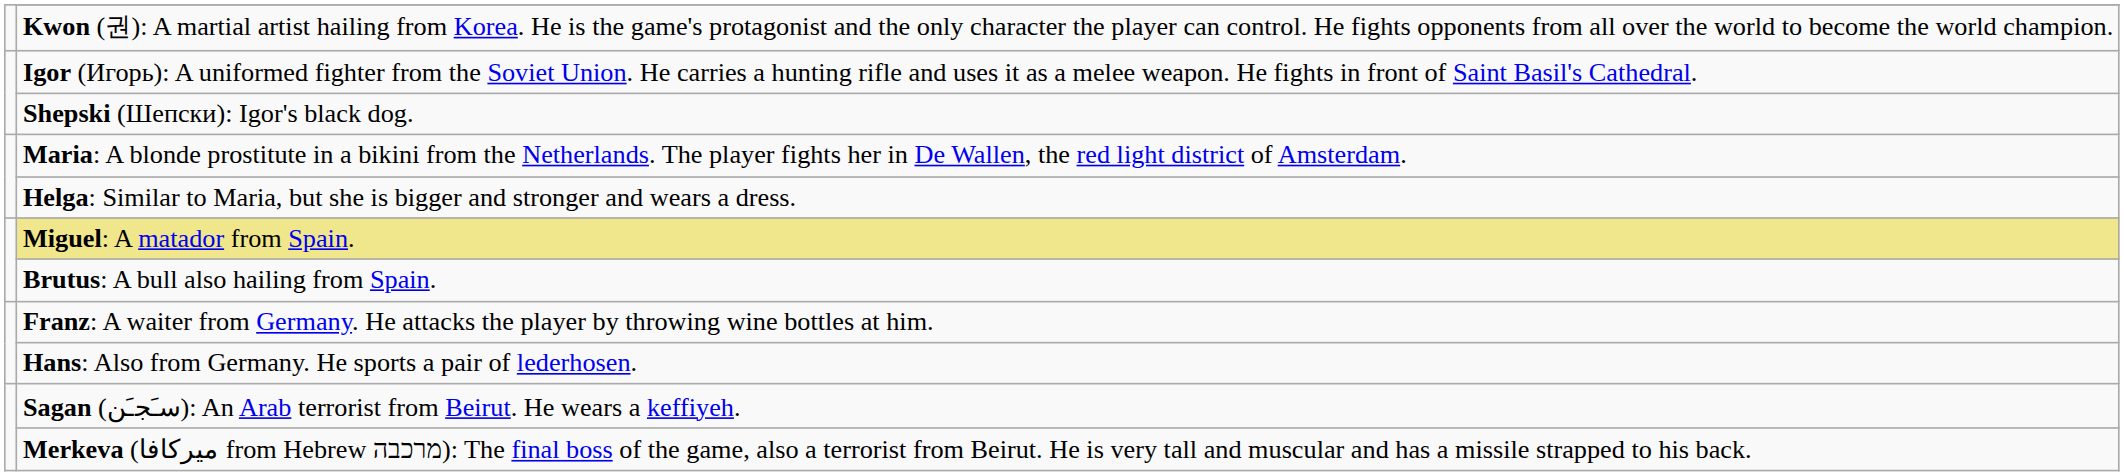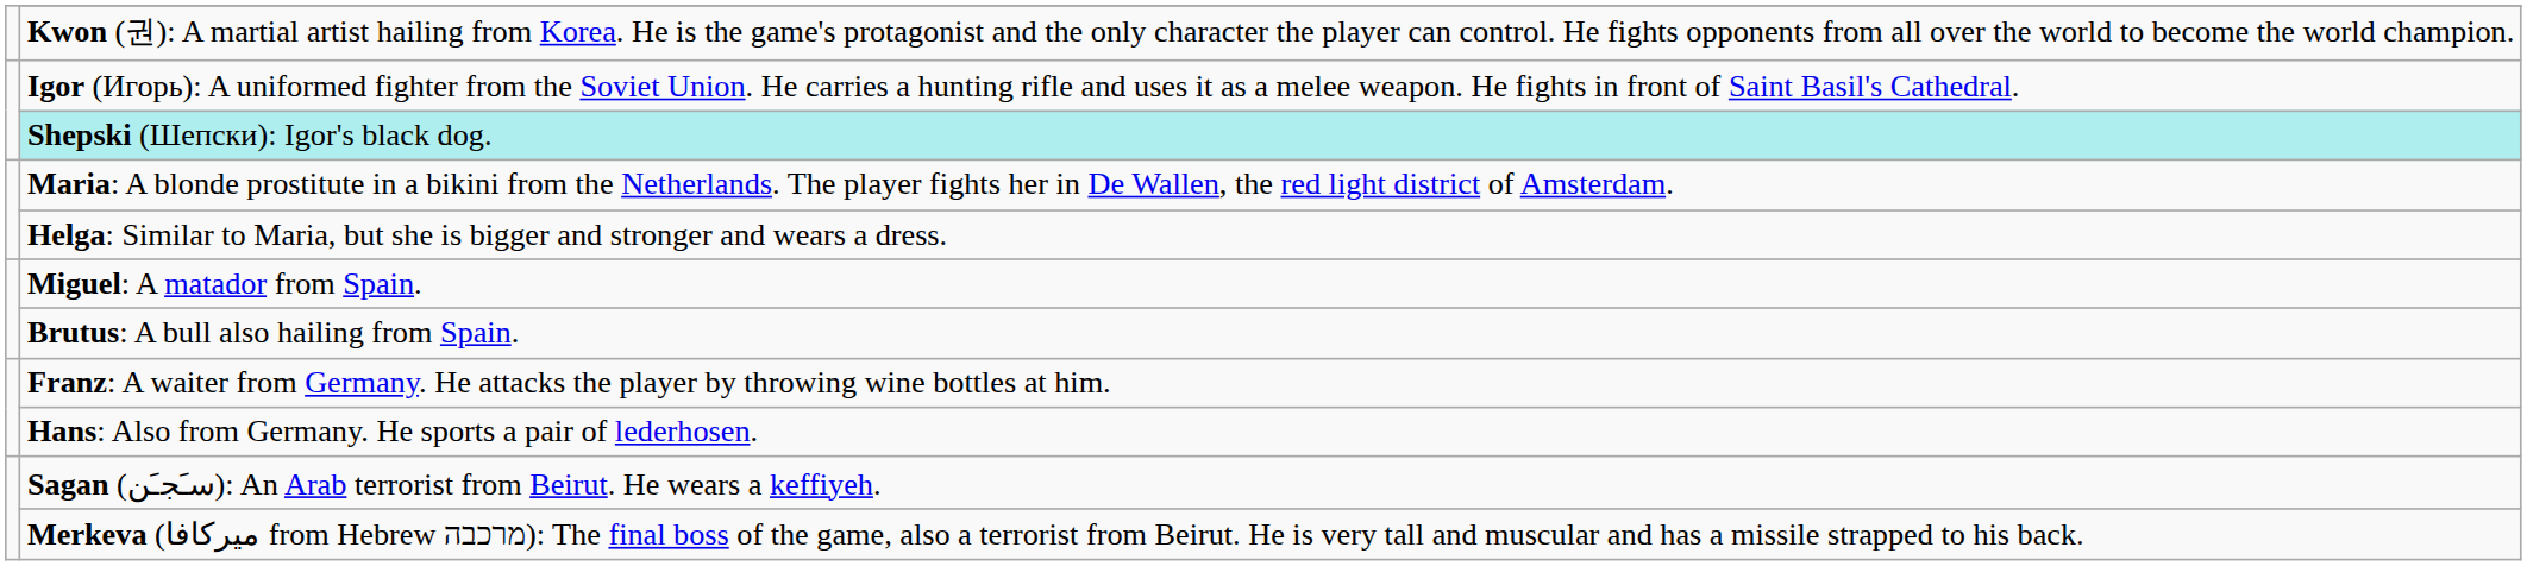 <table class="wikitable">
 <tr>
 <td rowspan=2></td>
 </tr>
 <tr>
 <td><strong>Kwon</strong> (권): A martial artist hailing from <a href='#'>Korea</a>. He is the game's protagonist and the only character the player can control. He fights opponents from all over the world to become the world champion.</td>
 </tr>
 <tr>
 <td rowspan=2></td>
 <td><strong>Igor</strong> (Игорь): A uniformed fighter from the <a href='#'>Soviet Union</a>. He carries a hunting rifle and uses it as a melee weapon. He fights in front of <a href='#'>Saint Basil's Cathedral</a>.</td>
 </tr>
 <tr>
-<td><strong>Shepski</strong> (Шепски): Igor's black dog.</td>
+<td style="background: paleturquoise;"><strong>Shepski</strong> (Шепски): Igor's black dog.</td>
 </tr>
 <tr>
 <td rowspan=2></td>
 <td><strong>Maria</strong>: A blonde prostitute in a bikini from the <a href='#'>Netherlands</a>. The player fights her in <a href='#'>De Wallen</a>, the <a href='#'>red light district</a> of <a href='#'>Amsterdam</a>.</td>
 </tr>
 <tr>
 <td><strong>Helga</strong>: Similar to Maria, but she is bigger and stronger and wears a dress.</td>
 </tr>
 <tr>
 <td rowspan=2></td>
-<td style="background: khaki;"><strong>Miguel</strong>: A <a href='#'>matador</a> from <a href='#'>Spain</a>.</td>
+<td><strong>Miguel</strong>: A <a href='#'>matador</a> from <a href='#'>Spain</a>.</td>
 </tr>
 <tr>
 <td><strong>Brutus</strong>: A bull also hailing from <a href='#'>Spain</a>.</td>
 </tr>
 <tr>
 <td rowspan=2></td>
 <td><strong>Franz</strong>: A waiter from <a href='#'>Germany</a>. He attacks the player by throwing wine bottles at him.</td>
 </tr>
 <tr>
 <td><strong>Hans</strong>: Also from Germany. He sports a pair of <a href='#'>lederhosen</a>.</td>
 </tr>
 <tr>
 <td rowspan=2></td>
 <td><strong>Sagan</strong> (سـَجـَن): An <a href='#'>Arab</a> terrorist from <a href='#'>Beirut</a>. He wears a <a href='#'>keffiyeh</a>.</td>
 </tr>
 <tr>
 <td><strong>Merkeva</strong> (ميركافا from Hebrew מרכבה): The <a href='#'>final boss</a> of the game, also a terrorist from Beirut. He is very tall and muscular and has a missile strapped to his back.</td>
 </tr>
 </table>
